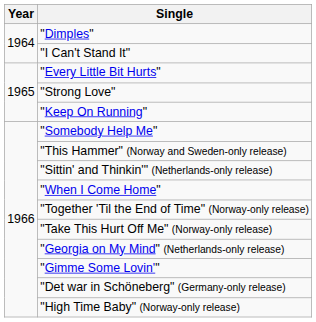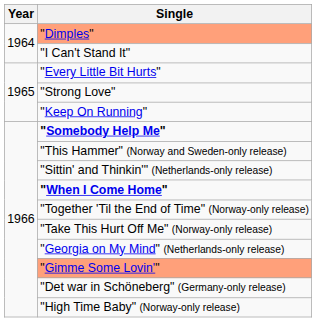 <table class="wikitable">
 <tr>
 <th>Year</th>
 <th>Single</th>
 </tr>
 <tr>
 <td rowspan="2">1964</td>
-<td>"<a href='#'>Dimples</a>"</td>
+<td style="background: lightsalmon;">"<a href='#'>Dimples</a>"</td>
 </tr>
 <tr>
 <td>"I Can't Stand It"</td>
 </tr>
 <tr>
 <td rowspan="3">1965</td>
 <td>"<a href='#'>Every Little Bit Hurts</a>"</td>
 </tr>
 <tr>
 <td>"Strong Love"</td>
 </tr>
 <tr>
 <td>"<a href='#'>Keep On Running</a>"</td>
 </tr>
 <tr>
 <td rowspan="10">1966</td>
-<td>"<a href='#'>Somebody Help Me</a>"</td>
+<td><strong>"<a href='#'>Somebody Help Me</a>"</strong></td>
 </tr>
 <tr>
 <td>"This Hammer" <small>(Norway and Sweden-only release)</small></td>
 </tr>
 <tr>
 <td>"Sittin' and Thinkin'" <small>(Netherlands-only release)</small></td>
 </tr>
 <tr>
-<td>"<a href='#'>When I Come Home</a>"</td>
+<td><strong>"<a href='#'>When I Come Home</a>"</strong></td>
 </tr>
 <tr>
 <td>"Together 'Til the End of Time" <small>(Norway-only release)</small></td>
 </tr>
 <tr>
 <td>"Take This Hurt Off Me" <small>(Norway-only release)</small></td>
 </tr>
 <tr>
 <td>"<a href='#'>Georgia on My Mind</a>" <small>(Netherlands-only release)</small></td>
 </tr>
 <tr>
-<td>"<a href='#'>Gimme Some Lovin'</a>"</td>
+<td style="background: lightsalmon;">"<a href='#'>Gimme Some Lovin'</a>"</td>
 </tr>
 <tr>
 <td>"Det war in Schöneberg" <small>(Germany-only release)</small></td>
 </tr>
 <tr>
 <td>"High Time Baby" <small>(Norway-only release)</small></td>
 </tr>
 </table>
